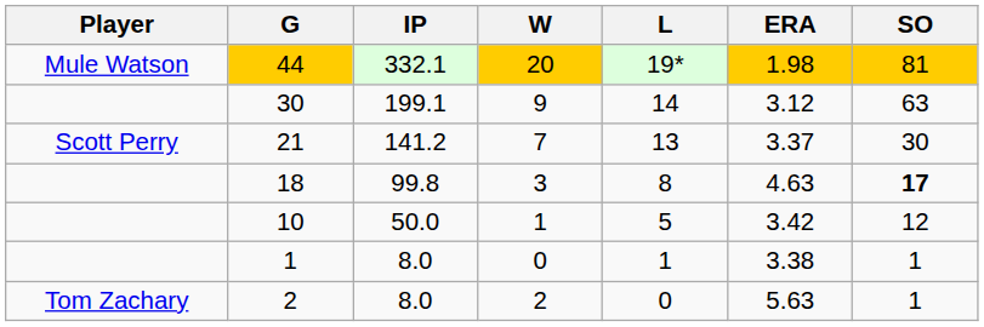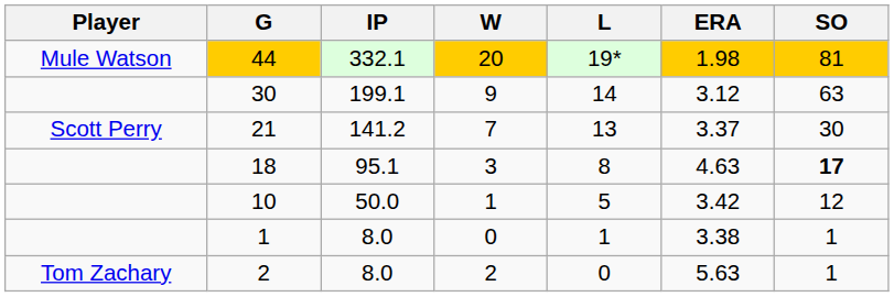 <table class="wikitable sortable">
 <tr>
 <th bgcolor="#DDDDFF" width="16%">Player</th>
 <th bgcolor="#DDDDFF" width="9%">G</th>
 <th bgcolor="#DDDDFF" width="9%">IP</th>
 <th bgcolor="#DDDDFF" width="9%">W</th>
 <th bgcolor="#DDDDFF" width="9%">L</th>
 <th bgcolor="#DDDDFF" width="9%">ERA</th>
 <th bgcolor="#DDDDFF" width="9%">SO</th>
 </tr>
 <tr align="center">
 <td><a href='#'>Mule Watson</a></td>
 <td style="background:#fc0;">44</td>
 <td style="background:#DDFFDD;">332.1</td>
 <td style="background:#fc0;">20</td>
 <td style="background:#DDFFDD;">19*</td>
 <td style="background:#fc0;">1.98</td>
 <td style="background:#fc0;">81</td>
 </tr>
 <tr align=center>
 <td></td>
 <td>30</td>
 <td>199.1</td>
 <td>9</td>
 <td>14</td>
 <td>3.12</td>
 <td>63</td>
 </tr>
 <tr align="center">
 <td><a href='#'>Scott Perry</a></td>
 <td>21</td>
 <td>141.2</td>
 <td>7</td>
 <td>13</td>
 <td>3.37</td>
 <td>30</td>
 </tr>
 <tr align=center>
 <td></td>
 <td>18</td>
-<td>99.8</td>
+<td>95.1</td>
 <td>3</td>
 <td>8</td>
 <td>4.63</td>
 <td><strong>17</strong></td>
 </tr>
 <tr align="center">
 <td></td>
 <td>10</td>
 <td>50.0</td>
 <td>1</td>
 <td>5</td>
 <td>3.42</td>
 <td>12</td>
 </tr>
 <tr align="center">
 <td></td>
 <td>1</td>
 <td>8.0</td>
 <td>0</td>
 <td>1</td>
 <td>3.38</td>
 <td>1</td>
 </tr>
 <tr align="center">
 <td><a href='#'>Tom Zachary</a></td>
 <td>2</td>
 <td>8.0</td>
 <td>2</td>
 <td>0</td>
 <td>5.63</td>
 <td>1</td>
 </tr>
 </table>
